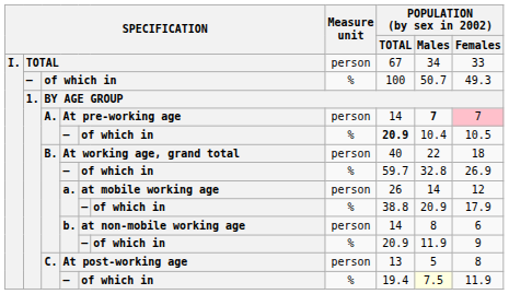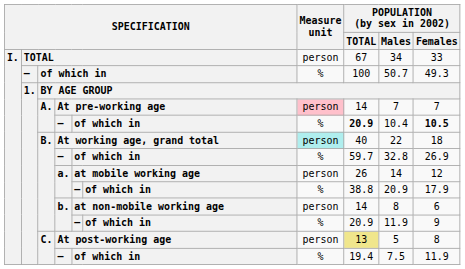 <table class="wikitable" style="font-size:85%; text-align:center">
 <tr>
 <th rowspan="2" colspan="6">SPECIFICATION</th>
 <th rowspan="2">Measure<br> unit</th>
 <th colspan="3" rowspan="1">POPULATION<br> (by sex in 2002)</th>
 </tr>
 <tr>
 <th>TOTAL</th>
 <th>Males</th>
 <th>Females</th>
 </tr>
 <tr>
 <th style="text-align:left" valign="top" rowspan="13">I.</th>
 <th style="text-align:left" colspan="5">TOTAL</th>
 <td>person</td>
 <td>67</td>
 <td>34</td>
 <td>33</td>
 </tr>
 <tr>
 <th style="text-align:left" valign="top">—</th>
 <th style="text-align:left" colspan="4">of which in</th>
 <td>%</td>
 <td>100</td>
 <td>50.7</td>
 <td>49.3</td>
 </tr>
 <tr>
 <th style="text-align:left" valign="top" rowspan="11">1.</th>
 <th style="text-align:left" colspan="19">BY AGE GROUP</th>
 </tr>
 <tr>
 <th style="text-align:left" valign="top" rowspan="2">A.</th>
 <th style="text-align:left" colspan="3">At pre-working age</th>
-<td>person</td>
+<td style="background: pink;">person</td>
 <td>14</td>
-<td><strong>7</strong></td>
-<td style="background: pink;">7</td>
+<td>7</td>
+<td>7</td>
 </tr>
 <tr>
 <th style="text-align:left" valign="top">—</th>
 <th style="text-align:left" valign="top" colspan="2">of which in</th>
 <td>%</td>
 <td><strong>20.9</strong></td>
 <td>10.4</td>
-<td>10.5</td>
+<td><strong>10.5</strong></td>
 </tr>
 <tr>
 <th style="text-align:left" valign="top" rowspan="6">B.</th>
 <th style="text-align:left" colspan="3">At working age, grand total</th>
-<td>person</td>
+<td style="background: paleturquoise;">person</td>
 <td>40</td>
 <td>22</td>
 <td>18</td>
 </tr>
 <tr>
 <th style="text-align:left" valign="top">—</th>
 <th style="text-align:left" valign="top" colspan="2">of which in</th>
 <td>%</td>
 <td>59.7</td>
 <td>32.8</td>
 <td>26.9</td>
 </tr>
 <tr>
 <th style="text-align:left" valign="top" rowspan="2">a.</th>
 <th style="text-align:left" colspan="2">at mobile working age</th>
 <td>person</td>
 <td>26</td>
 <td>14</td>
 <td>12</td>
 </tr>
 <tr>
 <th style="text-align:left" valign="top">—</th>
 <th style="text-align:left" valign="top" colspan="1">of which in                        </th>
 <td>%</td>
 <td>38.8</td>
 <td>20.9</td>
 <td>17.9</td>
 </tr>
 <tr>
 <th style="text-align:left" valign="top" rowspan="2">b.</th>
 <th style="text-align:left" colspan="2">at non-mobile working age</th>
 <td>person</td>
 <td>14</td>
 <td>8</td>
 <td>6</td>
 </tr>
 <tr>
 <th style="text-align:left" valign="top">—</th>
 <th style="text-align:left" valign="top" colspan="1">of which in                        </th>
 <td>%</td>
 <td>20.9</td>
 <td>11.9</td>
 <td>9</td>
 </tr>
 <tr>
 <th style="text-align:left" valign="top" rowspan="2">C.</th>
 <th style="text-align:left" colspan="3">At post-working age</th>
 <td>person</td>
-<td>13</td>
+<td style="background: khaki;">13</td>
 <td>5</td>
 <td>8</td>
 </tr>
 <tr>
 <th style="text-align:left" valign="top">—</th>
 <th style="text-align:left" valign="top" colspan="2">of which in</th>
 <td>%</td>
 <td>19.4</td>
-<td style="background: lightyellow;">7.5</td>
+<td>7.5</td>
 <td>11.9</td>
 </tr>
 </table>
